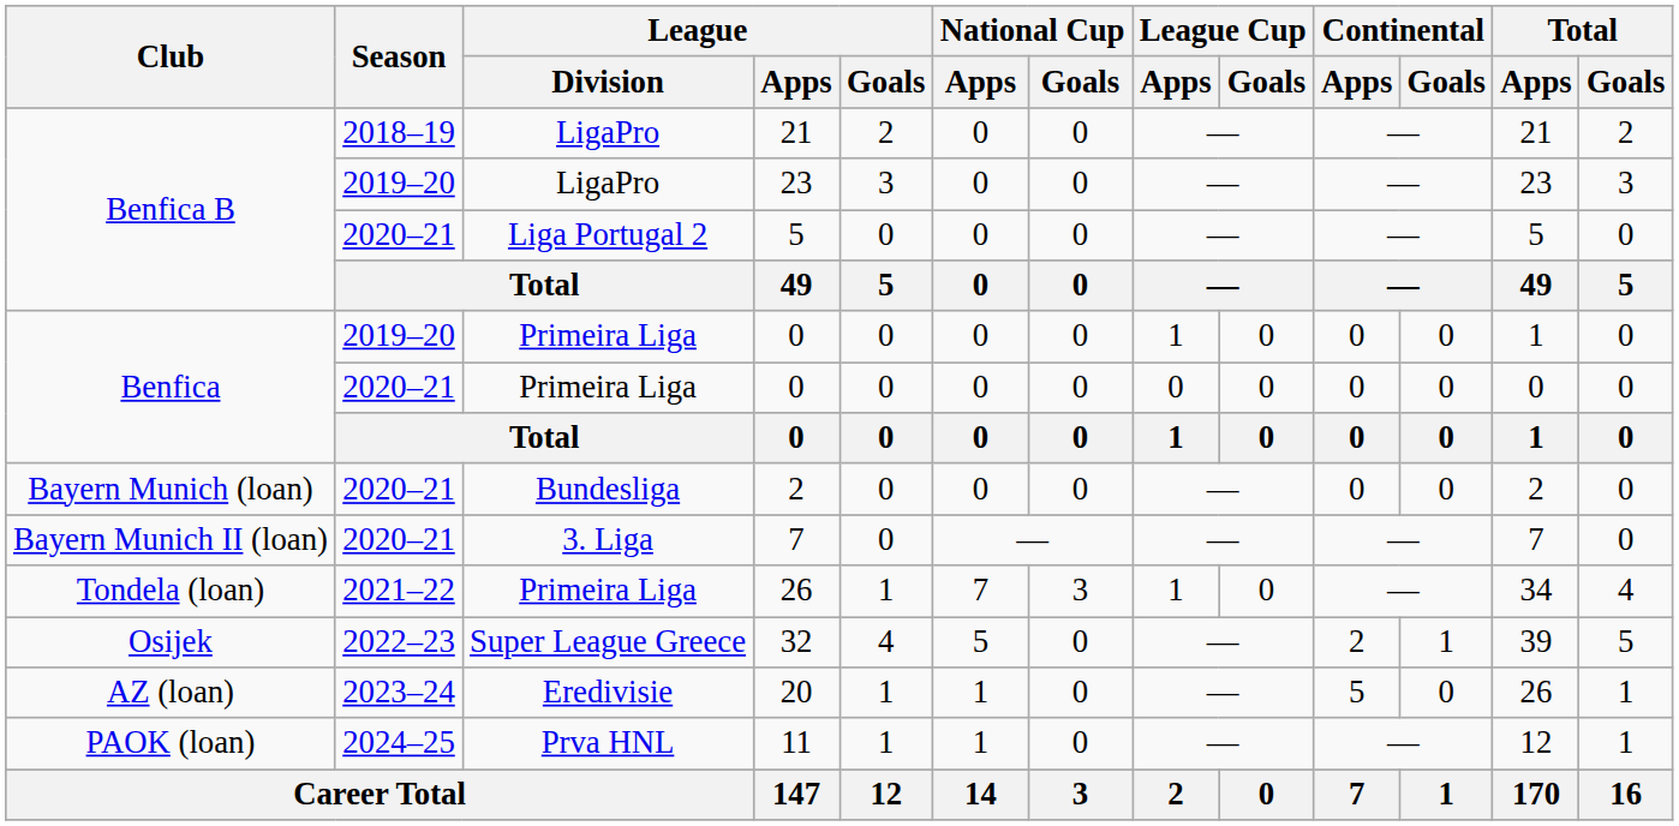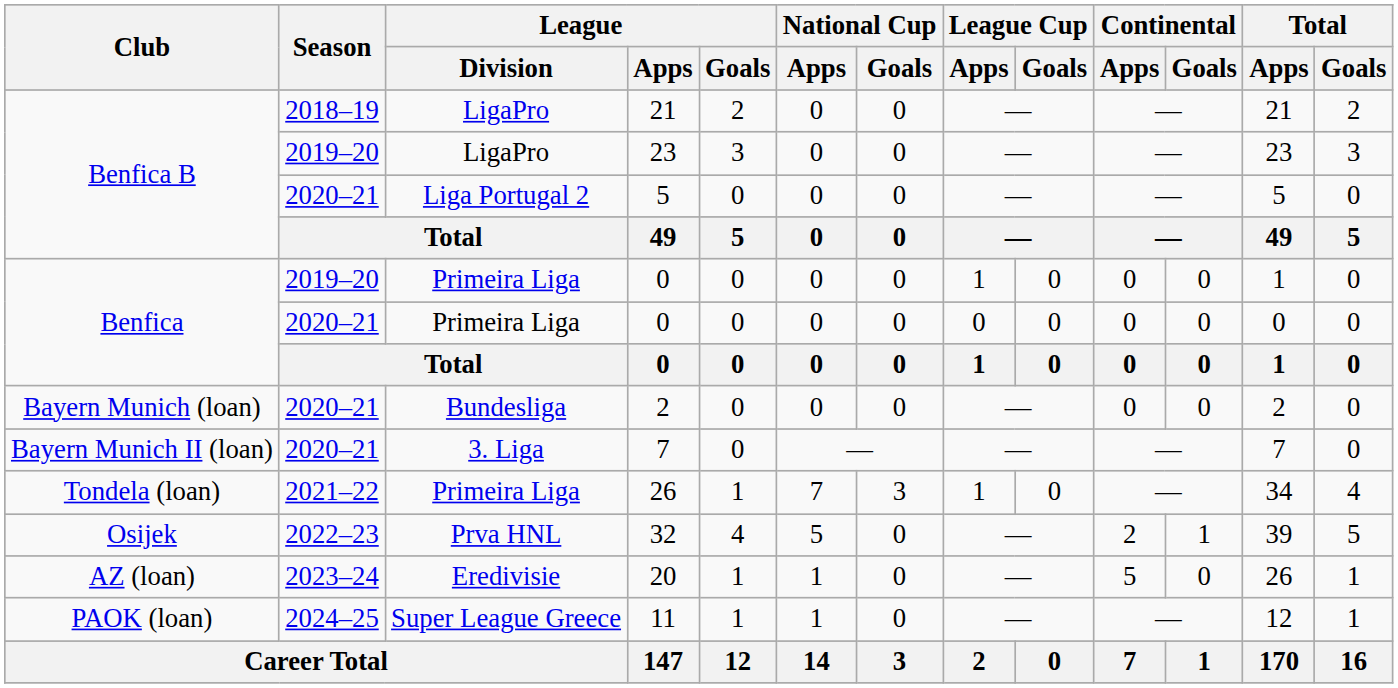 <table class="wikitable" Style="text-align: center">
 <tr>
 <th rowspan="2">Club</th>
 <th rowspan="2">Season</th>
 <th colspan="3">League</th>
 <th colspan="2">National Cup</th>
 <th colspan="2">League Cup</th>
 <th colspan="2">Continental</th>
 <th colspan="2">Total</th>
 </tr>
 <tr>
 <th>Division</th>
 <th>Apps</th>
 <th>Goals</th>
 <th>Apps</th>
 <th>Goals</th>
 <th>Apps</th>
 <th>Goals</th>
 <th>Apps</th>
 <th>Goals</th>
 <th>Apps</th>
 <th>Goals</th>
 </tr>
 <tr>
 <td rowspan="4"><a href='#'>Benfica B</a></td>
 <td><a href='#'>2018–19</a></td>
 <td><a href='#'>LigaPro</a></td>
 <td>21</td>
 <td>2</td>
 <td>0</td>
 <td>0</td>
 <td colspan="2">—</td>
 <td colspan="2">—</td>
 <td>21</td>
 <td>2</td>
 </tr>
 <tr>
 <td><a href='#'>2019–20</a></td>
 <td>LigaPro</td>
 <td>23</td>
 <td>3</td>
 <td>0</td>
 <td>0</td>
 <td colspan="2">—</td>
 <td colspan="2">—</td>
 <td>23</td>
 <td>3</td>
 </tr>
 <tr>
 <td><a href='#'>2020–21</a></td>
 <td><a href='#'>Liga Portugal 2</a></td>
 <td>5</td>
 <td>0</td>
 <td>0</td>
 <td>0</td>
 <td colspan="2">—</td>
 <td colspan="2">—</td>
 <td>5</td>
 <td>0</td>
 </tr>
 <tr>
 <th colspan="2">Total</th>
 <th>49</th>
 <th>5</th>
 <th>0</th>
 <th>0</th>
 <th colspan="2">—</th>
 <th colspan="2">—</th>
 <th>49</th>
 <th>5</th>
 </tr>
 <tr>
 <td rowspan="3"><a href='#'>Benfica</a></td>
 <td><a href='#'>2019–20</a></td>
 <td><a href='#'>Primeira Liga</a></td>
 <td>0</td>
 <td>0</td>
 <td>0</td>
 <td>0</td>
 <td>1</td>
 <td>0</td>
 <td>0</td>
 <td>0</td>
 <td>1</td>
 <td>0</td>
 </tr>
 <tr>
 <td><a href='#'>2020–21</a></td>
 <td>Primeira Liga</td>
 <td>0</td>
 <td>0</td>
 <td>0</td>
 <td>0</td>
 <td>0</td>
 <td>0</td>
 <td>0</td>
 <td>0</td>
 <td>0</td>
 <td>0</td>
 </tr>
 <tr>
 <th colspan="2">Total</th>
 <th>0</th>
 <th>0</th>
 <th>0</th>
 <th>0</th>
 <th>1</th>
 <th>0</th>
 <th>0</th>
 <th>0</th>
 <th>1</th>
 <th>0</th>
 </tr>
 <tr>
 <td><a href='#'>Bayern Munich</a> (loan)</td>
 <td><a href='#'>2020–21</a></td>
 <td><a href='#'>Bundesliga</a></td>
 <td>2</td>
 <td>0</td>
 <td>0</td>
 <td>0</td>
 <td colspan="2">—</td>
 <td>0</td>
 <td>0</td>
 <td>2</td>
 <td>0</td>
 </tr>
 <tr>
 <td><a href='#'>Bayern Munich II</a> (loan)</td>
 <td><a href='#'>2020–21</a></td>
 <td><a href='#'>3. Liga</a></td>
 <td>7</td>
 <td>0</td>
 <td colspan="2">—</td>
 <td colspan="2">—</td>
 <td colspan="2">—</td>
 <td>7</td>
 <td>0</td>
 </tr>
 <tr>
 <td><a href='#'>Tondela</a> (loan)</td>
 <td><a href='#'>2021–22</a></td>
 <td><a href='#'>Primeira Liga</a></td>
 <td>26</td>
 <td>1</td>
 <td>7</td>
 <td>3</td>
 <td>1</td>
 <td>0</td>
 <td colspan="2">—</td>
 <td>34</td>
 <td>4</td>
 </tr>
 <tr>
 <td><a href='#'>Osijek</a></td>
 <td><a href='#'>2022–23</a></td>
-<td><a href='#'>Super League Greece</a></td>
+<td><a href='#'>Prva HNL</a></td>
 <td>32</td>
 <td>4</td>
 <td>5</td>
 <td>0</td>
 <td colspan="2">—</td>
 <td>2</td>
 <td>1</td>
 <td>39</td>
 <td>5</td>
 </tr>
 <tr>
 <td><a href='#'>AZ</a> (loan)</td>
 <td><a href='#'>2023–24</a></td>
 <td><a href='#'>Eredivisie</a></td>
 <td>20</td>
 <td>1</td>
 <td>1</td>
 <td>0</td>
 <td colspan="2">—</td>
 <td>5</td>
 <td>0</td>
 <td>26</td>
 <td>1</td>
 </tr>
 <tr>
 <td><a href='#'>PAOK</a> (loan)</td>
 <td><a href='#'>2024–25</a></td>
-<td><a href='#'>Prva HNL</a></td>
+<td><a href='#'>Super League Greece</a></td>
 <td>11</td>
 <td>1</td>
 <td>1</td>
 <td>0</td>
 <td colspan="2">—</td>
 <td colspan="2">—</td>
 <td>12</td>
 <td>1</td>
 </tr>
 <tr>
 <th colspan="3">Career Total</th>
 <th>147</th>
 <th>12</th>
 <th>14</th>
 <th>3</th>
 <th>2</th>
 <th>0</th>
 <th>7</th>
 <th>1</th>
 <th>170</th>
 <th>16</th>
 </tr>
 </table>
